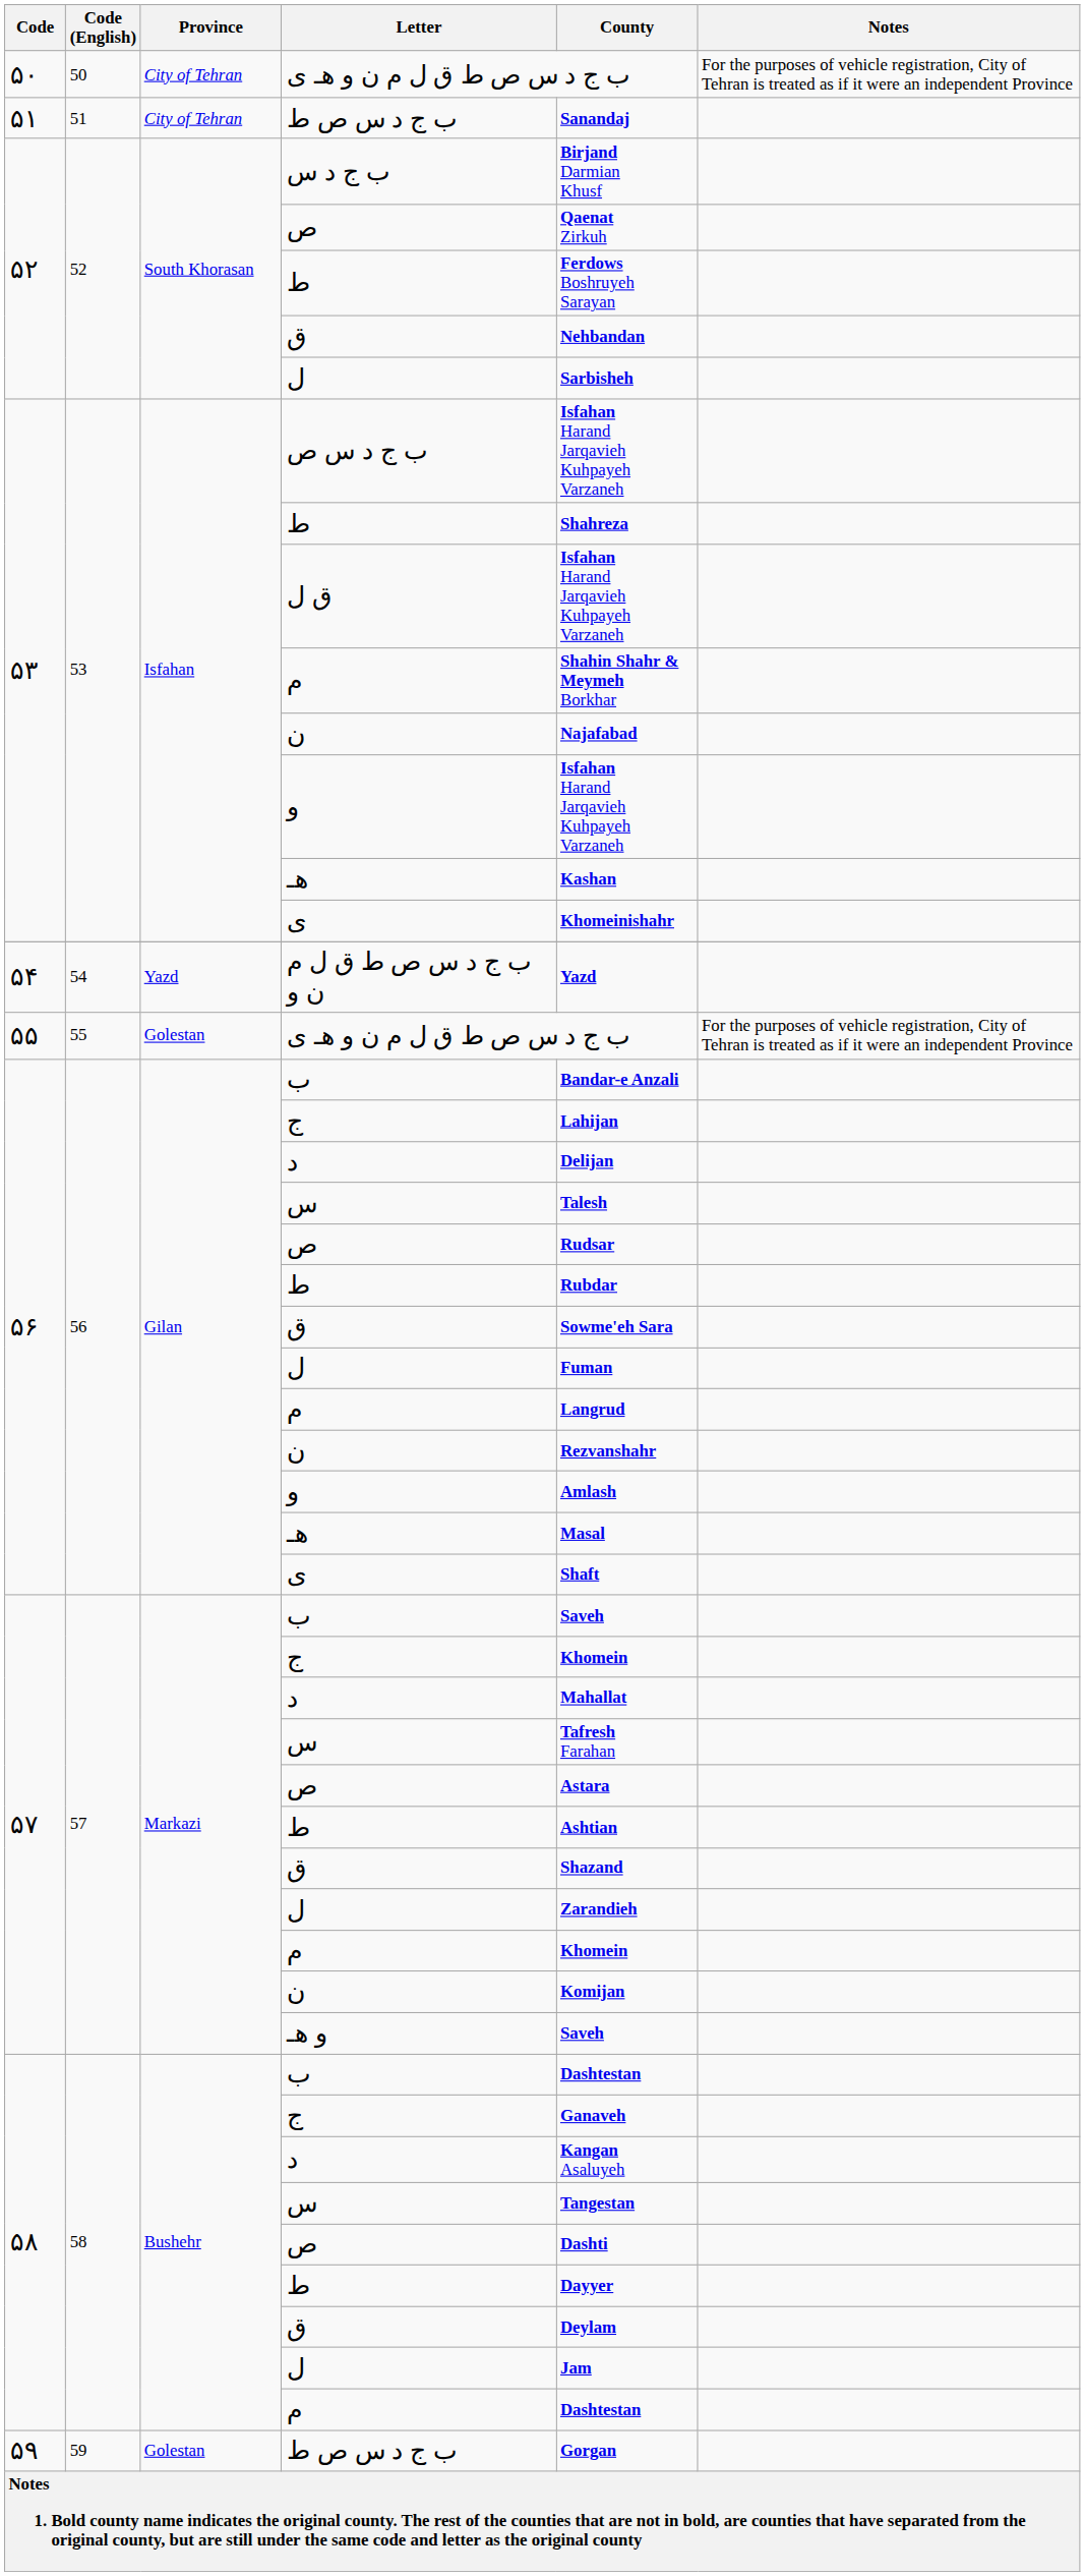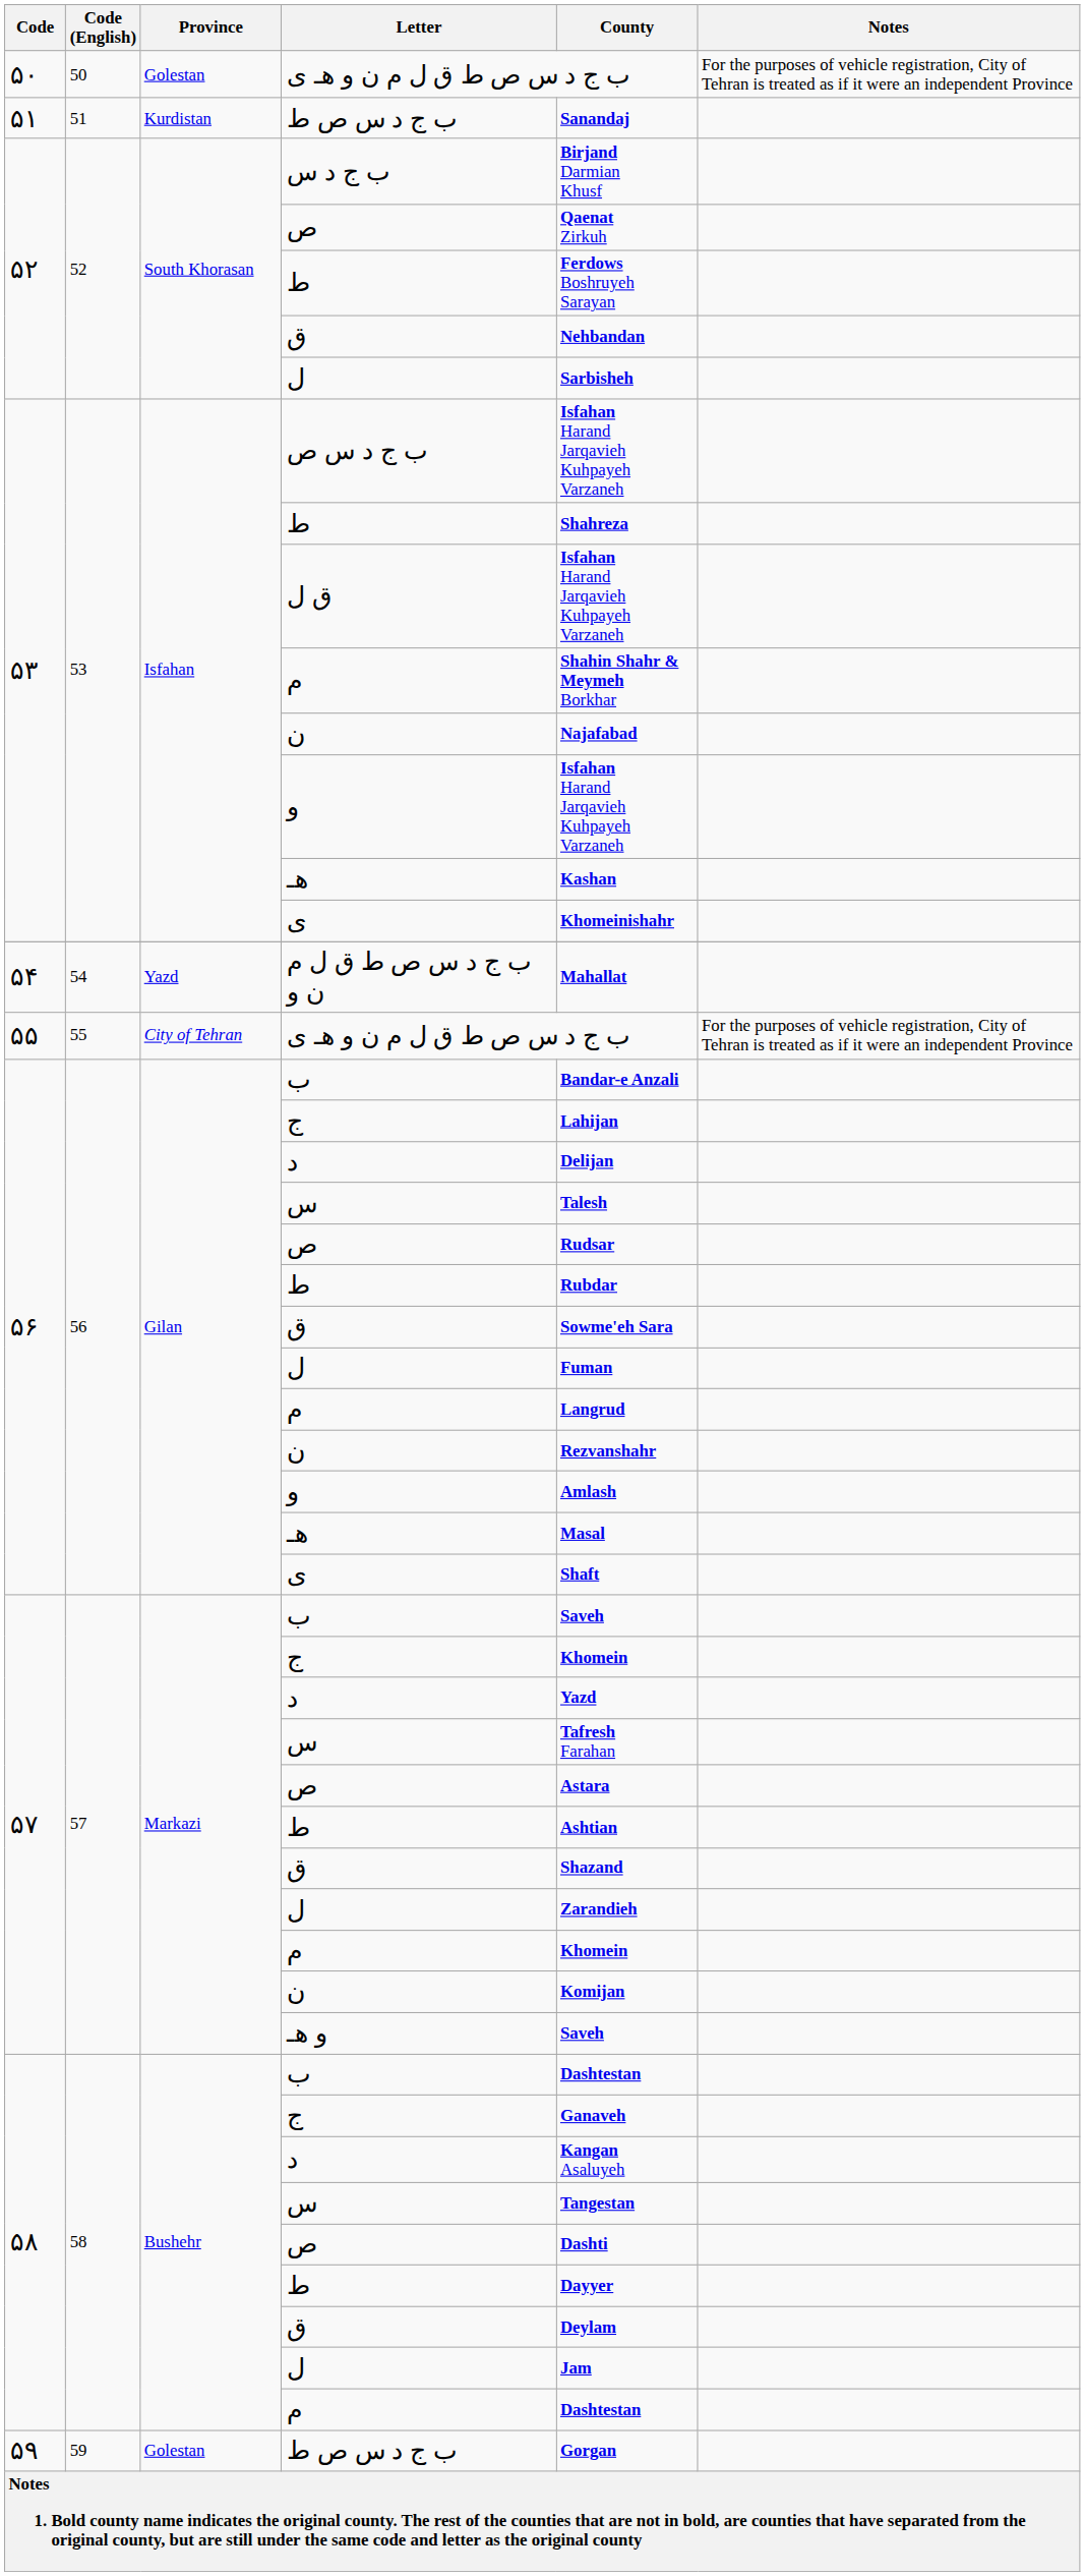 <table class="wikitable mw-collapsible mw-collapsed">
 <tr>
 <th scope="col" style="width: 50px;">Code</th>
 <th scope="col" style="width: 50px;">Code<br>(English)</th>
 <th scope="col" style="width: 125px;">Province</th>
 <th scope="col" style="width: 250px;">Letter</th>
 <th scope="col" style="width: 125px;">County</th>
 <th scope="col" style="width: 350px;">Notes</th>
 </tr>
 <tr>
 <td style="font-size:150%">۵۰</td>
 <td>50</td>
-<td><em><a href='#'>City of Tehran</a></em></td>
+<td><a href='#'>Golestan</a></td>
 <td style="font-size:150%" colspan="2">ب ج د س ص ط ق ل م ن و هـ ی</td>
 <td>For the purposes of vehicle registration, City of Tehran is treated as if it were an independent Province</td>
 </tr>
 <tr>
 <td style="font-size:150%">۵۱</td>
 <td>51</td>
-<td><em><a href='#'>City of Tehran</a></em></td>
+<td><a href='#'>Kurdistan</a></td>
 <td style="font-size:150%">ب ج د س ص ط</td>
 <td><strong><a href='#'>Sanandaj</a></strong></td>
 <td></td>
 </tr>
 <tr>
 <td rowspan="5" style="font-size:150%">۵۲</td>
 <td rowspan="5">52</td>
 <td rowspan="5"><a href='#'>South Khorasan</a></td>
 <td style="font-size:150%">ب ج د س</td>
 <td><strong><a href='#'>Birjand</a></strong><br><a href='#'>Darmian</a><br><a href='#'>Khusf</a></td>
 <td></td>
 </tr>
 <tr>
 <td style="font-size:150%">ص</td>
 <td><strong><a href='#'>Qaenat</a></strong><br><a href='#'>Zirkuh</a></td>
 <td></td>
 </tr>
 <tr>
 <td style="font-size:150%">ط</td>
 <td><strong><a href='#'>Ferdows</a></strong><br><a href='#'>Boshruyeh</a><br><a href='#'>Sarayan</a></td>
 <td></td>
 </tr>
 <tr>
 <td style="font-size:150%">ق</td>
 <td><strong><a href='#'>Nehbandan</a></strong></td>
 <td></td>
 </tr>
 <tr>
 <td style="font-size:150%">ل</td>
 <td><strong><a href='#'>Sarbisheh</a></strong></td>
 <td></td>
 </tr>
 <tr>
 <td rowspan="8" style="font-size:150%">۵۳</td>
 <td rowspan="8">53</td>
 <td rowspan="8"><a href='#'>Isfahan</a></td>
 <td style="font-size:150%">ب ج د س ص</td>
 <td><strong><a href='#'>Isfahan</a></strong><br><a href='#'>Harand</a><br><a href='#'>Jarqavieh</a><br><a href='#'>Kuhpayeh</a><br><a href='#'>Varzaneh</a></td>
 <td></td>
 </tr>
 <tr>
 <td style="font-size:150%">ط</td>
 <td><strong><a href='#'>Shahreza</a></strong></td>
 <td></td>
 </tr>
 <tr>
 <td style="font-size:150%">ق ل</td>
 <td><strong><a href='#'>Isfahan</a></strong><br><a href='#'>Harand</a><br><a href='#'>Jarqavieh</a><br><a href='#'>Kuhpayeh</a><br><a href='#'>Varzaneh</a></td>
 <td></td>
 </tr>
 <tr>
 <td style="font-size:150%">م</td>
 <td><strong><a href='#'>Shahin Shahr & Meymeh</a></strong><br><a href='#'>Borkhar</a></td>
 <td></td>
 </tr>
 <tr>
 <td style="font-size:150%">ن</td>
 <td><strong><a href='#'>Najafabad</a></strong></td>
 <td></td>
 </tr>
 <tr>
 <td style="font-size:150%">و</td>
 <td><strong><a href='#'>Isfahan</a></strong><br><a href='#'>Harand</a><br><a href='#'>Jarqavieh</a><br><a href='#'>Kuhpayeh</a><br><a href='#'>Varzaneh</a></td>
 <td></td>
 </tr>
 <tr>
 <td style="font-size:150%">هـ</td>
 <td><strong><a href='#'>Kashan</a></strong></td>
 <td></td>
 </tr>
 <tr>
 <td style="font-size:150%">ی</td>
 <td><strong><a href='#'>Khomeinishahr</a></strong></td>
 <td></td>
 </tr>
 <tr>
 </tr>
 <tr>
 <td style="font-size:150%">۵۴</td>
 <td>54</td>
 <td><a href='#'>Yazd</a></td>
 <td style="font-size:150%">ب ج د س ص ط ق ل م ن و</td>
-<td><strong><a href='#'>Yazd</a></strong></td>
+<td><strong><a href='#'>Mahallat</a></strong></td>
 <td></td>
 </tr>
 <tr>
 <td style="font-size:150%">۵۵</td>
 <td>55</td>
-<td><a href='#'>Golestan</a></td>
+<td><em><a href='#'>City of Tehran</a></em></td>
 <td style="font-size:150%" colspan="2">ب ج د س ص ط ق ل م ن و هـ ی</td>
 <td>For the purposes of vehicle registration, City of Tehran is treated as if it were an independent Province</td>
 </tr>
 <tr>
 <td rowspan="13" style="font-size:150%">۵۶</td>
 <td rowspan="13">56</td>
 <td rowspan="13"><a href='#'>Gilan</a></td>
 <td style="font-size:150%">ب</td>
 <td><strong><a href='#'>Bandar-e Anzali</a></strong></td>
 <td></td>
 </tr>
 <tr>
 <td style="font-size:150%">ج</td>
 <td><strong><a href='#'>Lahijan</a></strong></td>
 <td></td>
 </tr>
 <tr>
 <td style="font-size:150%">د</td>
 <td><strong><a href='#'>Delijan</a></strong></td>
 <td></td>
 </tr>
 <tr>
 <td style="font-size:150%">س</td>
 <td><strong><a href='#'>Talesh</a></strong></td>
 <td></td>
 </tr>
 <tr>
 <td style="font-size:150%">ص</td>
 <td><strong><a href='#'>Rudsar</a></strong></td>
 <td></td>
 </tr>
 <tr>
 <td style="font-size:150%">ط</td>
 <td><strong><a href='#'>Rubdar</a></strong></td>
 <td></td>
 </tr>
 <tr>
 <td style="font-size:150%">ق</td>
 <td><strong><a href='#'>Sowme'eh Sara</a></strong></td>
 <td></td>
 </tr>
 <tr>
 <td style="font-size:150%">ل</td>
 <td><strong><a href='#'>Fuman</a></strong></td>
 <td></td>
 </tr>
 <tr>
 <td style="font-size:150%">م</td>
 <td><strong><a href='#'>Langrud</a></strong></td>
 <td></td>
 </tr>
 <tr>
 <td style="font-size:150%">ن</td>
 <td><strong><a href='#'>Rezvanshahr</a></strong></td>
 <td></td>
 </tr>
 <tr>
 <td style="font-size:150%">و</td>
 <td><strong><a href='#'>Amlash</a></strong></td>
 <td></td>
 </tr>
 <tr>
 <td style="font-size:150%">هـ</td>
 <td><strong><a href='#'>Masal</a></strong></td>
 <td></td>
 </tr>
 <tr>
 <td style="font-size:150%">ی</td>
 <td><strong><a href='#'>Shaft</a></strong></td>
 <td></td>
 </tr>
 <tr>
 <td rowspan="11" style="font-size:150%">۵۷</td>
 <td rowspan="11">57</td>
 <td rowspan="11"><a href='#'>Markazi</a></td>
 <td style="font-size:150%">ب</td>
 <td><strong><a href='#'>Saveh</a></strong></td>
 <td></td>
 </tr>
 <tr>
 <td style="font-size:150%">ج</td>
 <td><strong><a href='#'>Khomein</a></strong></td>
 <td></td>
 </tr>
 <tr>
 <td style="font-size:150%">د</td>
-<td><strong><a href='#'>Mahallat</a></strong></td>
+<td><strong><a href='#'>Yazd</a></strong></td>
 <td></td>
 </tr>
 <tr>
 <td style="font-size:150%">س</td>
 <td><strong><a href='#'>Tafresh</a></strong><br><a href='#'>Farahan</a></td>
 <td></td>
 </tr>
 <tr>
 <td style="font-size:150%">ص</td>
 <td><strong><a href='#'>Astara</a></strong></td>
 <td></td>
 </tr>
 <tr>
 <td style="font-size:150%">ط</td>
 <td><strong><a href='#'>Ashtian</a></strong></td>
 <td></td>
 </tr>
 <tr>
 <td style="font-size:150%">ق</td>
 <td><strong><a href='#'>Shazand</a></strong></td>
 <td></td>
 </tr>
 <tr>
 <td style="font-size:150%">ل</td>
 <td><strong><a href='#'>Zarandieh</a></strong></td>
 <td></td>
 </tr>
 <tr>
 <td style="font-size:150%">م</td>
 <td><strong><a href='#'>Khomein</a></strong></td>
 <td></td>
 </tr>
 <tr>
 <td style="font-size:150%">ن</td>
 <td><strong><a href='#'>Komijan</a></strong></td>
 <td></td>
 </tr>
 <tr>
 <td style="font-size:150%">و هـ</td>
 <td><strong><a href='#'>Saveh</a></strong></td>
 <td></td>
 </tr>
 <tr>
 <td rowspan="9" style="font-size:150%">۵۸</td>
 <td rowspan="9">58</td>
 <td rowspan="9"><a href='#'>Bushehr</a></td>
 <td style="font-size:150%">ب</td>
 <td><strong><a href='#'>Dashtestan</a></strong></td>
 <td></td>
 </tr>
 <tr>
 <td style="font-size:150%">ج</td>
 <td><strong><a href='#'>Ganaveh</a></strong></td>
 <td></td>
 </tr>
 <tr>
 <td style="font-size:150%">د</td>
 <td><strong><a href='#'>Kangan</a></strong><br><a href='#'>Asaluyeh</a></td>
 <td></td>
 </tr>
 <tr>
 <td style="font-size:150%">س</td>
 <td><strong><a href='#'>Tangestan</a></strong></td>
 <td></td>
 </tr>
 <tr>
 <td style="font-size:150%">ص</td>
 <td><strong><a href='#'>Dashti</a></strong></td>
 <td></td>
 </tr>
 <tr>
 <td style="font-size:150%">ط</td>
 <td><strong><a href='#'>Dayyer</a></strong></td>
 <td></td>
 </tr>
 <tr>
 <td style="font-size:150%">ق</td>
 <td><strong><a href='#'>Deylam</a></strong></td>
 <td></td>
 </tr>
 <tr>
 <td style="font-size:150%">ل</td>
 <td><strong><a href='#'>Jam</a></strong></td>
 <td></td>
 </tr>
 <tr>
 <td style="font-size:150%">م</td>
 <td><strong><a href='#'>Dashtestan</a></strong></td>
 <td></td>
 </tr>
 <tr>
 <td style="font-size:150%">۵۹</td>
 <td>59</td>
 <td><a href='#'>Golestan</a></td>
 <td style="font-size:150%">ب ج د س ص ط</td>
 <td><strong><a href='#'>Gorgan</a></strong></td>
 </tr>
 <tr>
 <th colspan="6" style=text-align:left>Notes<br><ol><li>Bold county name indicates the original county. The rest of the counties that are not in bold, are counties that have separated from the original county, but are still under the same code and letter as the original county</li></ol></th>
 </tr>
 </table>
